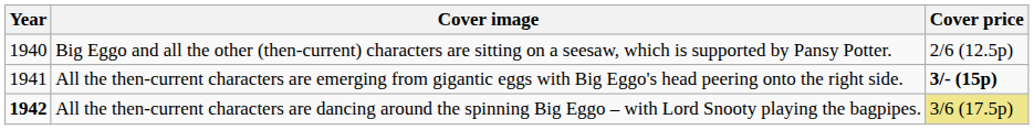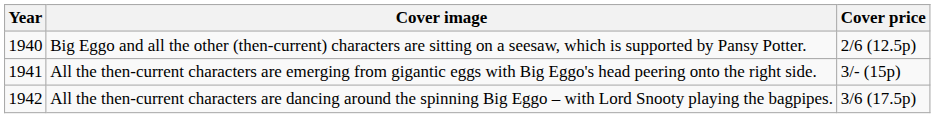 <table class="wikitable">
 <tr>
 <th>Year</th>
 <th>Cover image</th>
 <th>Cover price</th>
 </tr>
 <tr>
 <td>1940</td>
 <td>Big Eggo and all the other (then-current) characters are sitting on a seesaw, which is supported by Pansy Potter.</td>
 <td>2/6 (12.5p)</td>
 </tr>
 <tr>
 <td>1941</td>
 <td>All the then-current characters are emerging from gigantic eggs with Big Eggo's head peering onto the right side.</td>
-<td><strong>3/- (15p)</strong></td>
+<td>3/- (15p)</td>
 </tr>
 <tr>
-<td><strong>1942</strong></td>
+<td>1942</td>
 <td>All the then-current characters are dancing around the spinning Big Eggo – with Lord Snooty playing the bagpipes.</td>
-<td style="background: khaki;">3/6 (17.5p)</td>
+<td>3/6 (17.5p)</td>
 </tr>
 </table>
